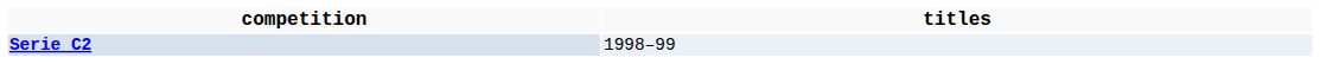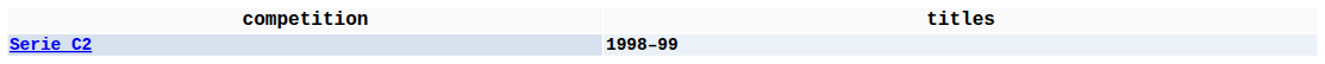 <table style="background: #f9f9f9; border: 2px #aaa solid; border-collapse: collapse; border-color: white; color:black; font-size: 95%;" width="850" cellspacing="0" border="1">
 <tr>
 <th width="250">competition</th>
 <th width="300">titles</th>
 </tr>
 <tr style="font-size: 90%;">
 <td bgcolor="#d8e2ee"><strong><a href='#'>Serie C2</a></strong></td>
-<td bgcolor="#ecf1f7">1998–99</td>
+<td bgcolor="#ecf1f7"><strong>1998–99</strong></td>
 </tr>
 </table>
